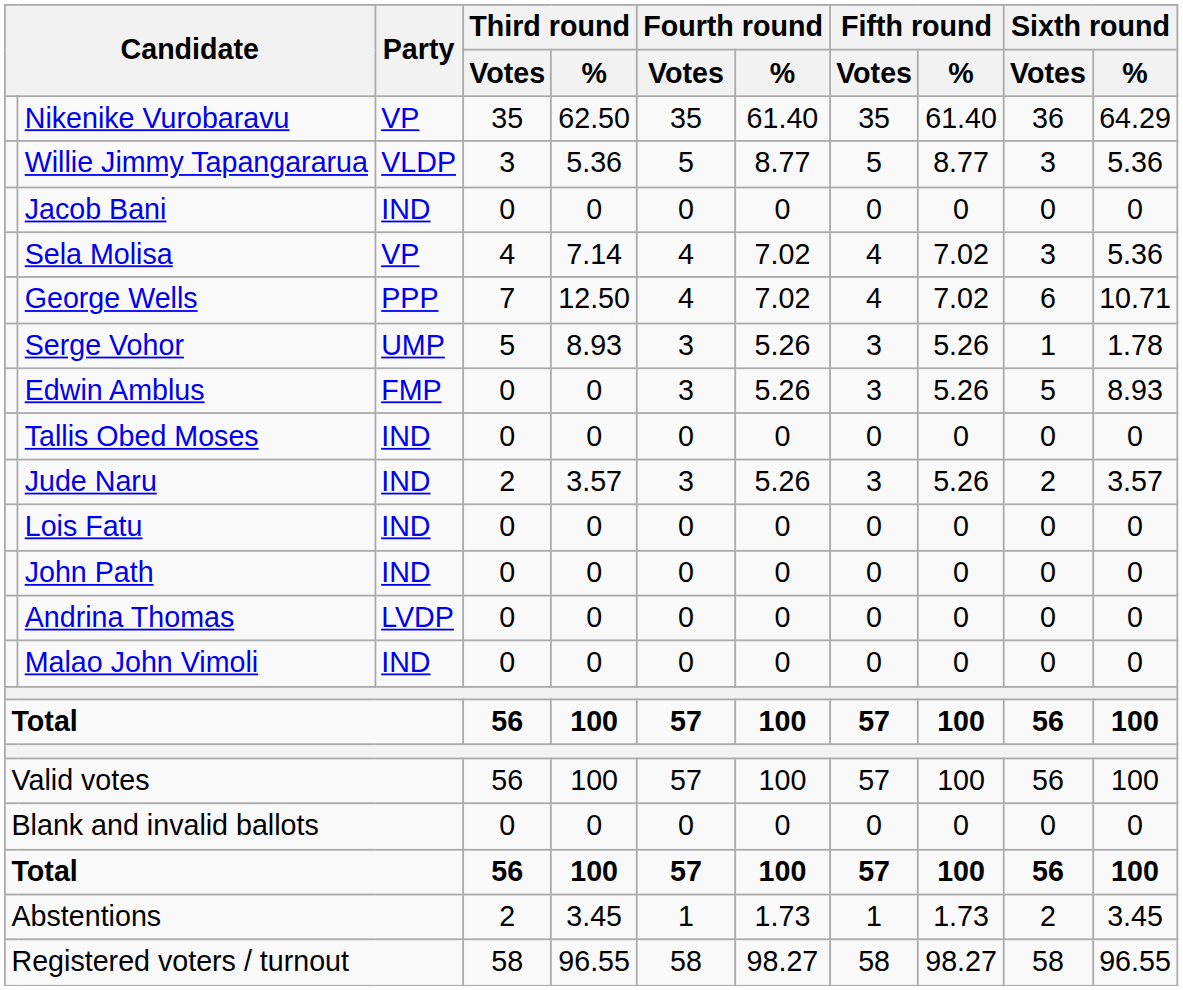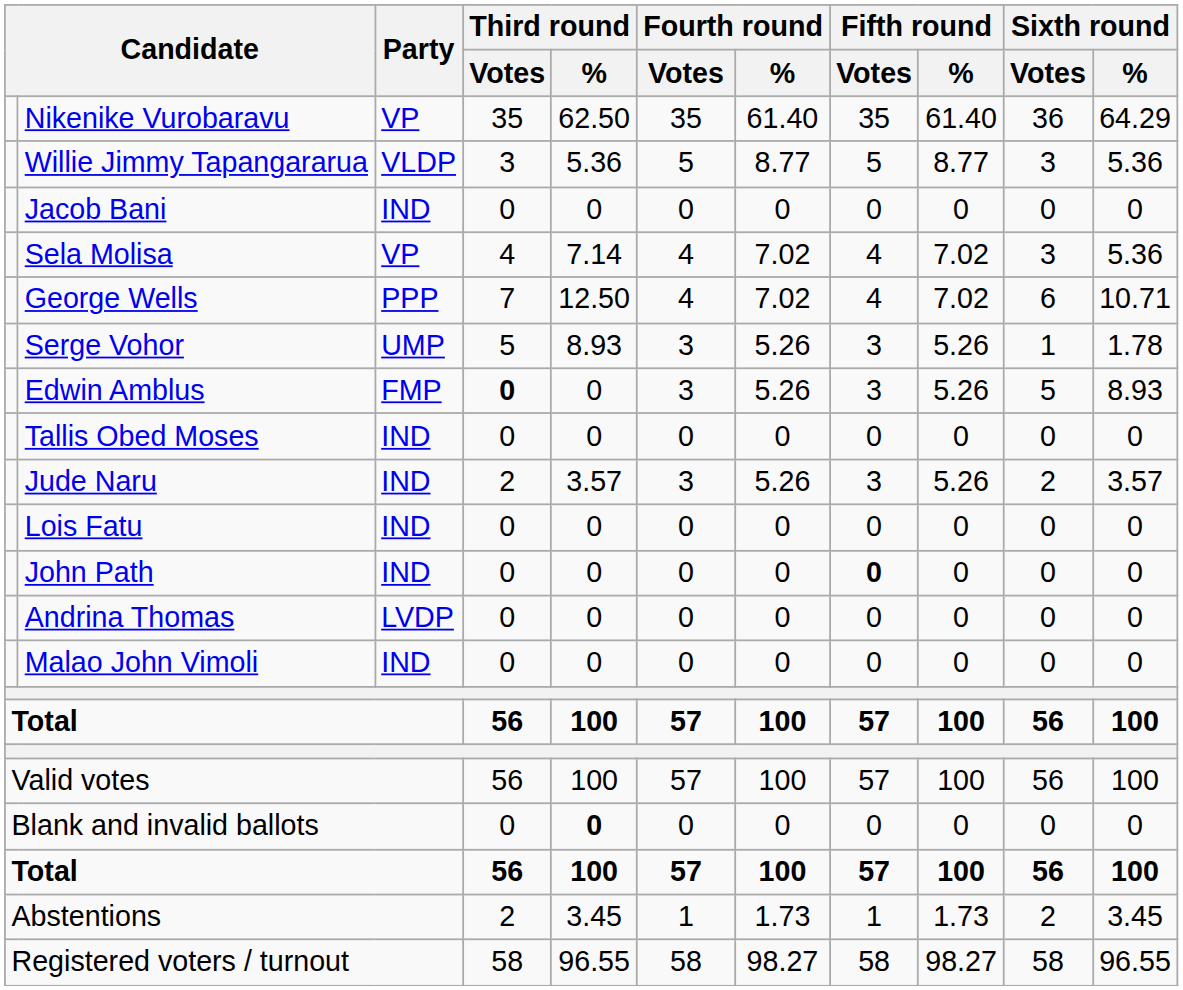 <table class="wikitable" style="text-align:center">
 <tr>
 <th rowspan="2" colspan="2">Candidate</th>
 <th rowspan="2">Party</th>
 <th colspan="2">Third round</th>
 <th colspan="2">Fourth round</th>
 <th colspan="2">Fifth round</th>
 <th colspan="2">Sixth round</th>
 </tr>
 <tr>
 <th>Votes</th>
 <th>%</th>
 <th>Votes</th>
 <th>%</th>
 <th>Votes</th>
 <th>%</th>
 <th>Votes</th>
 <th>%</th>
 </tr>
 <tr>
 <td style="background:"></td>
 <td align=left><a href='#'>Nikenike Vurobaravu</a></td>
 <td align=left><a href='#'>VP</a></td>
 <td>35</td>
 <td>62.50</td>
 <td>35</td>
 <td>61.40</td>
 <td>35</td>
 <td>61.40</td>
 <td>36</td>
 <td>64.29</td>
 </tr>
 <tr>
 <td></td>
 <td align=left><a href='#'>Willie Jimmy Tapangararua</a></td>
 <td align=left><a href='#'>VLDP</a></td>
 <td>3</td>
 <td>5.36</td>
 <td>5</td>
 <td>8.77</td>
 <td>5</td>
 <td>8.77</td>
 <td>3</td>
 <td>5.36</td>
 </tr>
 <tr>
 <td style="background:"></td>
 <td align=left><a href='#'>Jacob Bani</a></td>
 <td align=left><a href='#'>IND</a></td>
 <td>0</td>
 <td>0</td>
 <td>0</td>
 <td>0</td>
 <td>0</td>
 <td>0</td>
 <td>0</td>
 <td>0</td>
 </tr>
 <tr>
 <td style="background:"></td>
 <td align=left><a href='#'>Sela Molisa</a></td>
 <td align=left><a href='#'>VP</a></td>
 <td>4</td>
 <td>7.14</td>
 <td>4</td>
 <td>7.02</td>
 <td>4</td>
 <td>7.02</td>
 <td>3</td>
 <td>5.36</td>
 </tr>
 <tr>
 <td style="background:"></td>
 <td align=left><a href='#'> George Wells</a></td>
 <td align=left><a href='#'>PPP</a></td>
 <td>7</td>
 <td>12.50</td>
 <td>4</td>
 <td>7.02</td>
 <td>4</td>
 <td>7.02</td>
 <td>6</td>
 <td>10.71</td>
 </tr>
 <tr>
 <td style="background:"></td>
 <td align=left><a href='#'>Serge Vohor</a></td>
 <td align=left><a href='#'>UMP</a></td>
 <td>5</td>
 <td>8.93</td>
 <td>3</td>
 <td>5.26</td>
 <td>3</td>
 <td>5.26</td>
 <td>1</td>
 <td>1.78</td>
 </tr>
 <tr>
 <td style="background:"></td>
 <td align=left><a href='#'>Edwin Amblus</a></td>
 <td align=left><a href='#'>FMP</a></td>
-<td>0</td>
+<td><strong>0</strong></td>
 <td>0</td>
 <td>3</td>
 <td>5.26</td>
 <td>3</td>
 <td>5.26</td>
 <td>5</td>
 <td>8.93</td>
 </tr>
 <tr>
 <td style="background:"></td>
 <td align=left><a href='#'>Tallis Obed Moses</a></td>
 <td align=left><a href='#'>IND</a></td>
 <td>0</td>
 <td>0</td>
 <td>0</td>
 <td>0</td>
 <td>0</td>
 <td>0</td>
 <td>0</td>
 <td>0</td>
 </tr>
 <tr>
 <td style="background:"></td>
 <td align=left><a href='#'>Jude Naru</a></td>
 <td align=left><a href='#'>IND</a></td>
 <td>2</td>
 <td>3.57</td>
 <td>3</td>
 <td>5.26</td>
 <td>3</td>
 <td>5.26</td>
 <td>2</td>
 <td>3.57</td>
 </tr>
 <tr>
 <td style="background:"></td>
 <td align=left><a href='#'>Lois Fatu</a></td>
 <td align=left><a href='#'>IND</a></td>
 <td>0</td>
 <td>0</td>
 <td>0</td>
 <td>0</td>
 <td>0</td>
 <td>0</td>
 <td>0</td>
 <td>0</td>
 </tr>
 <tr>
 <td style="background:"></td>
 <td align=left><a href='#'>John Path</a></td>
 <td align=left><a href='#'>IND</a></td>
 <td>0</td>
 <td>0</td>
 <td>0</td>
 <td>0</td>
-<td>0</td>
+<td><strong>0</strong></td>
 <td>0</td>
 <td>0</td>
 <td>0</td>
 </tr>
 <tr>
 <td></td>
 <td align=left><a href='#'>Andrina Thomas</a></td>
 <td align=left><a href='#'>LVDP</a></td>
 <td>0</td>
 <td>0</td>
 <td>0</td>
 <td>0</td>
 <td>0</td>
 <td>0</td>
 <td>0</td>
 <td>0</td>
 </tr>
 <tr>
 <td style="background:"></td>
 <td align=left><a href='#'>Malao John Vimoli</a></td>
 <td align=left><a href='#'>IND</a></td>
 <td>0</td>
 <td>0</td>
 <td>0</td>
 <td>0</td>
 <td>0</td>
 <td>0</td>
 <td>0</td>
 <td>0</td>
 </tr>
 <tr>
 <th colspan="25"></th>
 </tr>
 <tr>
 <td colspan="3" align=left><strong>Total</strong></td>
 <td><strong>56</strong></td>
 <td><strong>100</strong></td>
 <td><strong>57</strong></td>
 <td><strong>100</strong></td>
 <td><strong>57</strong></td>
 <td><strong>100</strong></td>
 <td><strong>56</strong></td>
 <td><strong>100</strong></td>
 </tr>
 <tr>
 <th colspan="25"></th>
 </tr>
 <tr>
 <td colspan="3" align=left>Valid votes</td>
 <td>56</td>
 <td>100</td>
 <td>57</td>
 <td>100</td>
 <td>57</td>
 <td>100</td>
 <td>56</td>
 <td>100</td>
 </tr>
 <tr>
 <td colspan="3" align=left>Blank and invalid ballots</td>
 <td>0</td>
-<td>0</td>
+<td><strong>0</strong></td>
 <td>0</td>
 <td>0</td>
 <td>0</td>
 <td>0</td>
 <td>0</td>
 <td>0</td>
 </tr>
 <tr>
 <td colspan="3" align=left><strong>Total</strong></td>
 <td><strong>56</strong></td>
 <td><strong>100</strong></td>
 <td><strong>57</strong></td>
 <td><strong>100</strong></td>
 <td><strong>57</strong></td>
 <td><strong>100</strong></td>
 <td><strong>56</strong></td>
 <td><strong>100</strong></td>
 </tr>
 <tr>
 <td colspan="3" align=left>Abstentions</td>
 <td>2</td>
 <td>3.45</td>
 <td>1</td>
 <td>1.73</td>
 <td>1</td>
 <td>1.73</td>
 <td>2</td>
 <td>3.45</td>
 </tr>
 <tr>
 <td colspan="3" align=left>Registered voters / turnout</td>
 <td>58</td>
 <td>96.55</td>
 <td>58</td>
 <td>98.27</td>
 <td>58</td>
 <td>98.27</td>
 <td>58</td>
 <td>96.55</td>
 </tr>
 </table>
